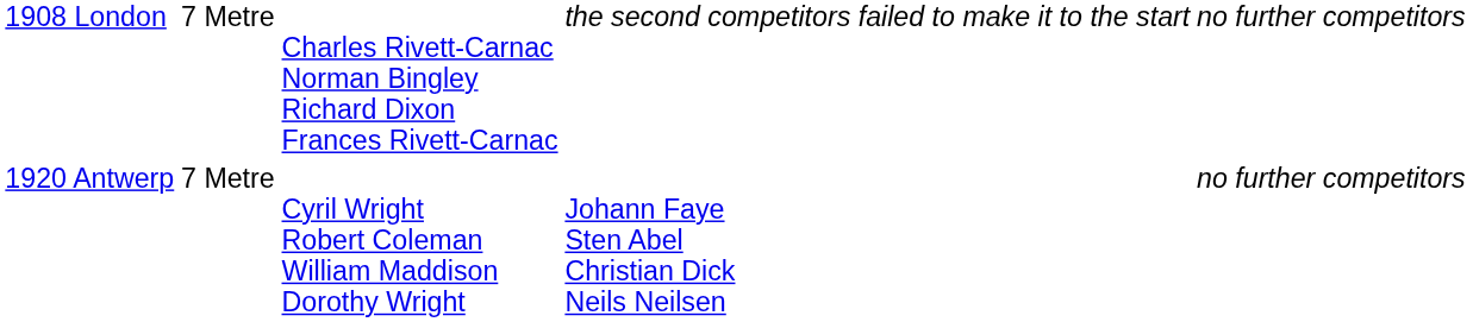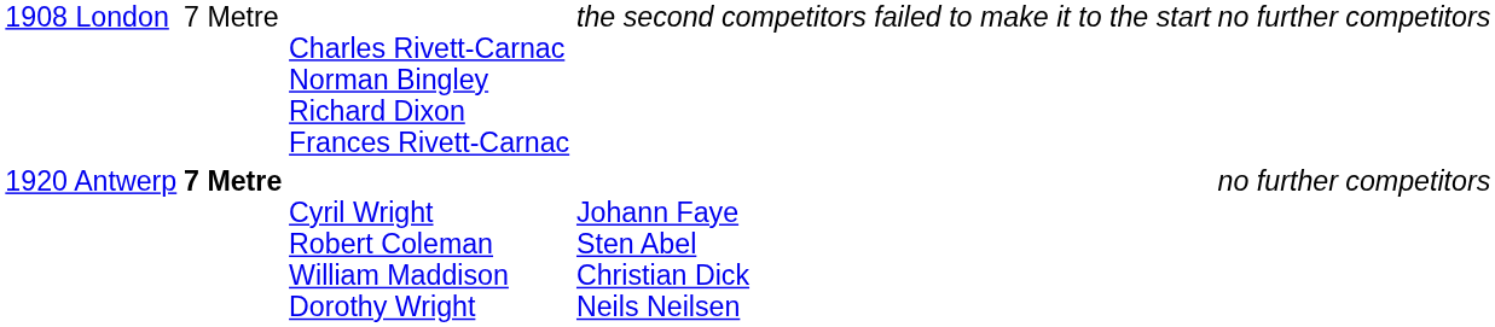 <table>
 <tr valign="top">
 <td><a href='#'>1908 London</a><br></td>
 <td>7 Metre</td>
 <td valign=top><br><a href='#'>Charles Rivett-Carnac</a><br><a href='#'>Norman Bingley</a><br><a href='#'>Richard Dixon</a><br><a href='#'>Frances Rivett-Carnac</a></td>
 <td><em>the second competitors failed to make it to the start</em></td>
 <td><em>no further competitors</em></td>
 </tr>
 <tr valign="top">
 <td><a href='#'>1920 Antwerp</a><br></td>
-<td>7 Metre</td>
+<td><strong>7 Metre</strong></td>
 <td valign=top><br><a href='#'>Cyril Wright</a><br><a href='#'>Robert Coleman</a><br><a href='#'>William Maddison</a><br><a href='#'>Dorothy Wright</a></td>
 <td valign=top><br><a href='#'>Johann Faye</a><br><a href='#'>Sten Abel</a><br><a href='#'>Christian Dick</a><br><a href='#'>Neils Neilsen</a></td>
 <td><em>no further competitors</em></td>
 </tr>
 </table>
